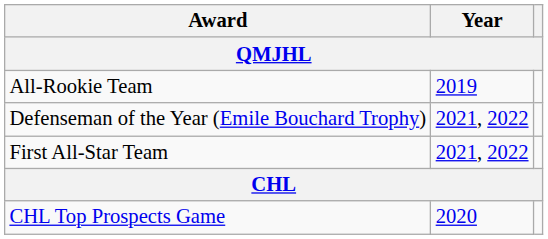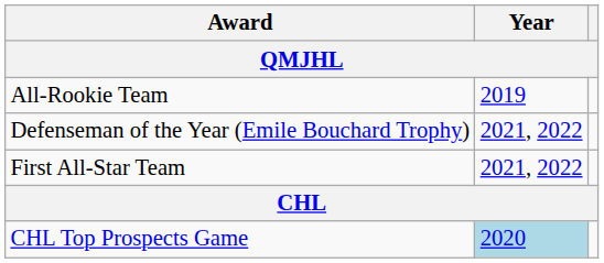 <table class="wikitable">
 <tr>
 <th>Award</th>
 <th>Year</th>
 <th></th>
 </tr>
 <tr>
 <th colspan="3"><a href='#'>QMJHL</a></th>
 </tr>
 <tr>
 <td>All-Rookie Team</td>
 <td><a href='#'>2019</a></td>
 <td></td>
 </tr>
 <tr>
 <td>Defenseman of the Year (<a href='#'>Emile Bouchard Trophy</a>)</td>
 <td><a href='#'>2021</a>, <a href='#'>2022</a></td>
 <td></td>
 </tr>
 <tr>
 <td>First All-Star Team</td>
 <td><a href='#'>2021</a>, <a href='#'>2022</a></td>
 <td></td>
 </tr>
 <tr>
 <th colspan="3"><a href='#'>CHL</a></th>
 </tr>
 <tr>
 <td><a href='#'>CHL Top Prospects Game</a></td>
-<td><a href='#'>2020</a></td>
+<td style="background: lightblue;"><a href='#'>2020</a></td>
 <td></td>
 </tr>
 </table>
